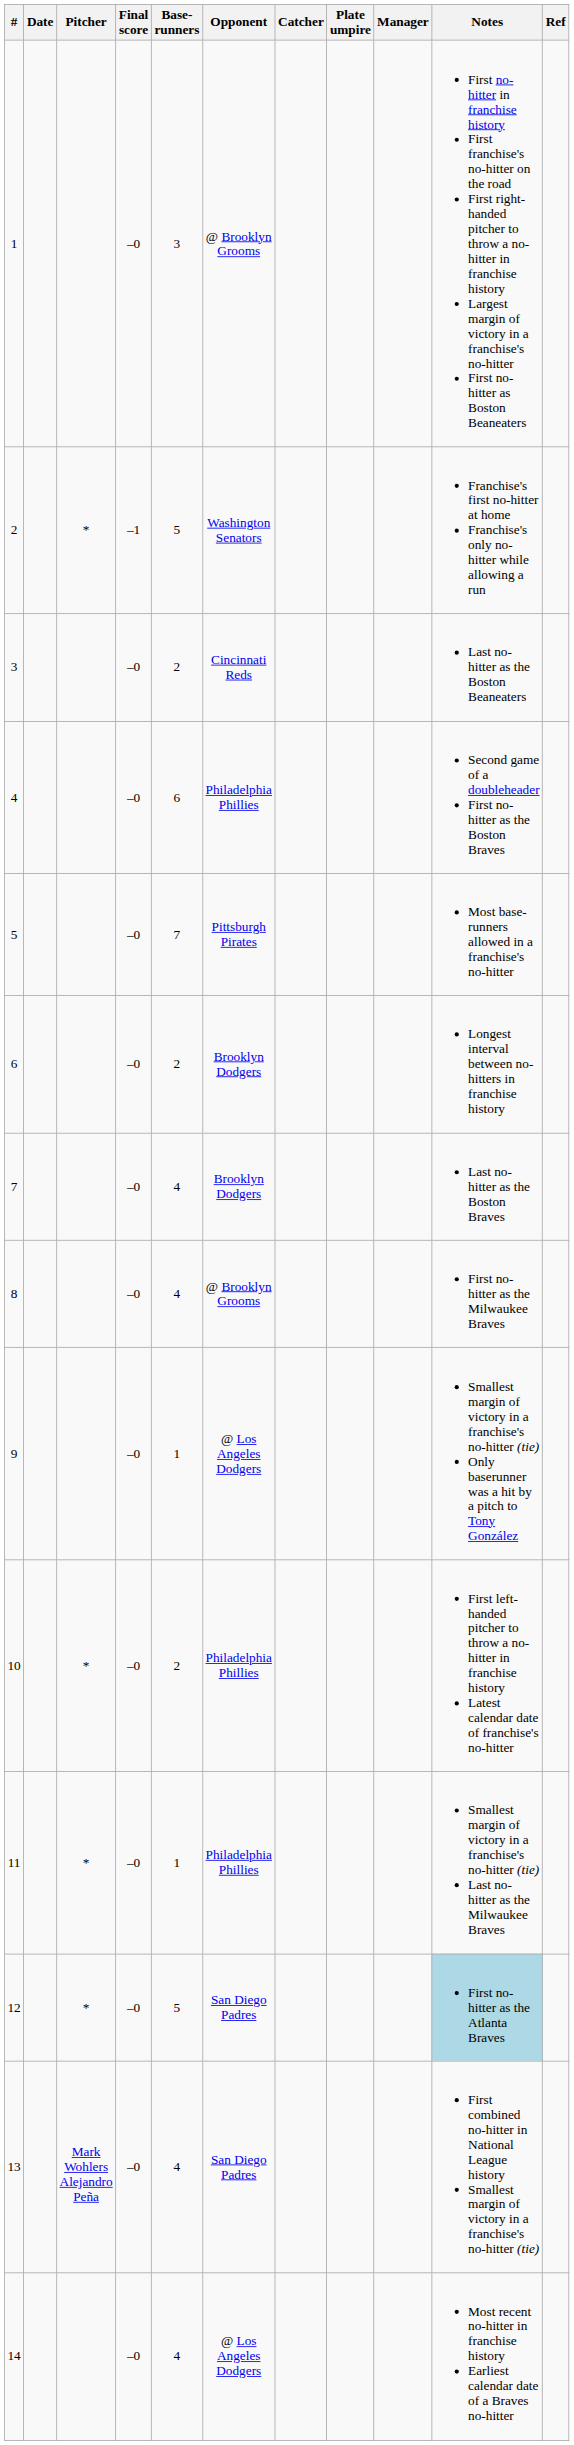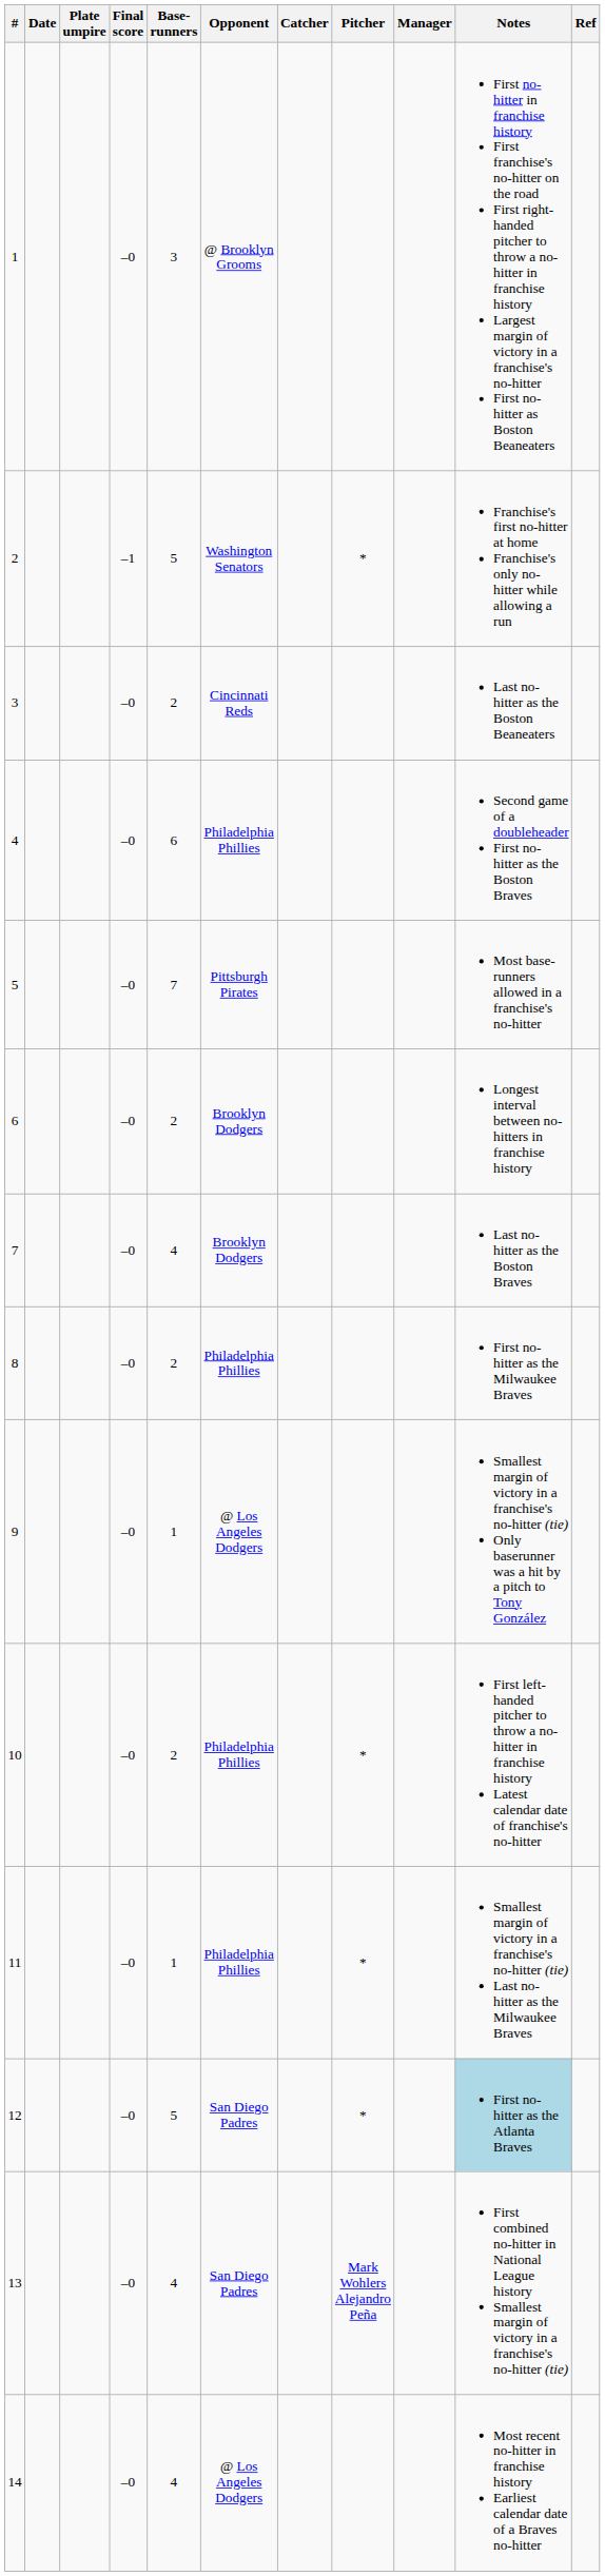 <table class="wikitable sortable" style="text-align:center" border="1">
 <tr>
 <th>#</th>
 <th>Date</th>
-<th>Pitcher</th>
+<th>Plate umpire</th>
 <th>Final score</th>
 <th>Base-<br>runners</th>
 <th>Opponent</th>
 <th>Catcher</th>
-<th>Plate umpire</th>
+<th>Pitcher</th>
 <th>Manager</th>
 <th class="unsortable">Notes</th>
 <th class="unsortable">Ref</th>
 </tr>
 <tr>
 <td>1</td>
 <td></td>
-<td></td>
+<td> </td>
 <td>–0</td>
 <td>3</td>
 <td>@ <a href='#'>Brooklyn Grooms</a></td>
 <td></td>
-<td> </td>
+<td></td>
 <td> </td>
 <td align="left"><br><ul><li>First <a href='#'>no-hitter</a> in <a href='#'>franchise history</a></li><li>First franchise's no-hitter on the road</li><li>First right-handed pitcher to throw a no-hitter in franchise history</li><li>Largest margin of victory in a franchise's no-hitter</li><li>First no-hitter as Boston Beaneaters</li></ul></td>
 <td></td>
 </tr>
 <tr>
 <td>2</td>
 <td></td>
-<td>*</td>
+<td> </td>
 <td>–1</td>
 <td>5</td>
 <td><a href='#'>Washington Senators</a></td>
 <td></td>
-<td> </td>
+<td>*</td>
 <td> </td>
 <td align="left"><br><ul><li>Franchise's first no-hitter at home</li><li>Franchise's only no-hitter while allowing a run</li></ul></td>
 <td></td>
 </tr>
 <tr>
 <td>3</td>
 <td></td>
 <td></td>
 <td>–0</td>
 <td>2</td>
 <td><a href='#'>Cincinnati Reds</a></td>
 <td></td>
 <td></td>
 <td></td>
 <td align="left"><br><ul><li>Last no-hitter as the Boston Beaneaters</li></ul></td>
 <td></td>
 </tr>
 <tr>
 <td>4</td>
 <td></td>
 <td></td>
 <td>–0</td>
 <td>6</td>
 <td><a href='#'>Philadelphia Phillies</a></td>
 <td></td>
 <td></td>
 <td> </td>
 <td align="left"><br><ul><li>Second game of a <a href='#'>doubleheader</a></li><li>First no-hitter as the Boston Braves</li></ul></td>
 <td></td>
 </tr>
 <tr>
 <td>5</td>
 <td></td>
-<td></td>
+<td> </td>
 <td>–0</td>
 <td>7</td>
 <td><a href='#'>Pittsburgh Pirates</a></td>
 <td></td>
-<td> </td>
+<td></td>
 <td> </td>
 <td align="left"><br><ul><li>Most base-runners allowed in a franchise's no-hitter</li></ul></td>
 <td></td>
 </tr>
 <tr>
 <td>6</td>
 <td></td>
 <td></td>
 <td>–0</td>
 <td>2</td>
 <td><a href='#'>Brooklyn Dodgers</a></td>
 <td></td>
 <td></td>
 <td></td>
 <td align="left"><br><ul><li>Longest interval between no-hitters in franchise history</li></ul></td>
 <td></td>
 </tr>
 <tr>
 <td>7</td>
 <td></td>
 <td></td>
 <td>–0</td>
 <td>4</td>
 <td><a href='#'>Brooklyn Dodgers</a></td>
 <td></td>
 <td></td>
 <td></td>
 <td align="left"><br><ul><li>Last no-hitter as the Boston Braves</li></ul></td>
 <td></td>
 </tr>
 <tr>
 <td>8</td>
 <td></td>
 <td></td>
 <td>–0</td>
-<td>4</td>
-<td>@ <a href='#'>Brooklyn Grooms</a></td>
+<td>2</td>
+<td><a href='#'>Philadelphia Phillies</a></td>
 <td> </td>
 <td></td>
 <td></td>
 <td align="left"><br><ul><li>First no-hitter as the Milwaukee Braves</li></ul></td>
 <td></td>
 </tr>
 <tr>
 <td>9</td>
 <td></td>
 <td></td>
 <td>–0</td>
 <td>1</td>
 <td>@ <a href='#'>Los Angeles Dodgers</a></td>
 <td> </td>
 <td></td>
 <td> </td>
 <td align="left"><br><ul><li>Smallest margin of victory in a franchise's no-hitter <em>(tie)</em></li><li>Only baserunner was a hit by a pitch to <a href='#'>Tony González</a></li></ul></td>
 <td></td>
 </tr>
 <tr>
 <td>10</td>
 <td></td>
-<td>* </td>
+<td></td>
 <td>–0</td>
 <td>2</td>
 <td><a href='#'>Philadelphia Phillies</a></td>
 <td> </td>
-<td></td>
+<td>* </td>
 <td> </td>
 <td align="left"><br><ul><li>First left-handed pitcher to throw a no-hitter in franchise history</li><li>Latest calendar date of franchise's no-hitter</li></ul></td>
 <td></td>
 </tr>
 <tr>
 <td>11</td>
 <td></td>
-<td>* </td>
+<td></td>
 <td>–0</td>
 <td>1</td>
 <td><a href='#'>Philadelphia Phillies</a></td>
 <td></td>
-<td></td>
+<td>* </td>
 <td> </td>
 <td align="left"><br><ul><li>Smallest margin of victory in a franchise's no-hitter <em>(tie)</em></li><li>Last no-hitter as the Milwaukee Braves</li></ul></td>
 <td></td>
 </tr>
 <tr>
 <td>12</td>
 <td></td>
-<td>*</td>
+<td></td>
 <td>–0</td>
 <td>5</td>
 <td><a href='#'>San Diego Padres</a></td>
 <td></td>
-<td></td>
+<td>*</td>
 <td></td>
 <td align="left" style="background: lightblue;"><br><ul><li>First no-hitter as the Atlanta Braves</li></ul></td>
 <td></td>
 </tr>
 <tr>
 <td>13</td>
 <td></td>
-<td>  <br><a href='#'>Mark Wohlers</a> <br><a href='#'>Alejandro Peña</a> </td>
+<td></td>
 <td>–0</td>
 <td>4</td>
 <td><a href='#'>San Diego Padres</a></td>
 <td></td>
-<td></td>
+<td>  <br><a href='#'>Mark Wohlers</a> <br><a href='#'>Alejandro Peña</a> </td>
 <td> </td>
 <td align="left"><br><ul><li>First combined no-hitter in National League history</li><li>Smallest margin of victory in a franchise's no-hitter <em>(tie)</em></li></ul></td>
 <td><br> </td>
 </tr>
 <tr>
 <td>14</td>
 <td></td>
-<td> </td>
+<td></td>
 <td>–0</td>
 <td>4</td>
 <td>@ <a href='#'>Los Angeles Dodgers</a></td>
 <td></td>
-<td></td>
+<td> </td>
 <td> </td>
 <td align="left"><br><ul><li>Most recent no-hitter in franchise history</li><li>Earliest calendar date of a Braves no-hitter</li></ul></td>
 <td></td>
 </tr>
 </table>
